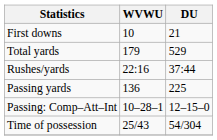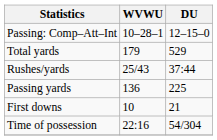 <table class="wikitable" style="float: left;">
 <tr>
 <th>Statistics</th>
 <th>WVWU</th>
 <th>DU</th>
 </tr>
 <tr>
-<td>First downs</td>
-<td>10</td>
-<td>21</td>
+<td>Passing: Comp–Att–Int</td>
+<td>10–28–1</td>
+<td>12–15–0</td>
 </tr>
 <tr>
 <td>Total yards</td>
 <td>179</td>
 <td>529</td>
 </tr>
 <tr>
 <td>Rushes/yards</td>
-<td>22:16</td>
+<td>25/43</td>
 <td>37:44</td>
 </tr>
 <tr>
 <td>Passing yards</td>
 <td>136</td>
 <td>225</td>
 </tr>
 <tr>
-<td>Passing: Comp–Att–Int</td>
-<td>10–28–1</td>
-<td>12–15–0</td>
+<td>First downs</td>
+<td>10</td>
+<td>21</td>
 </tr>
 <tr>
 <td>Time of possession</td>
-<td>25/43</td>
+<td>22:16</td>
 <td>54/304</td>
 </tr>
 <tr>
 </tr>
 </table>
